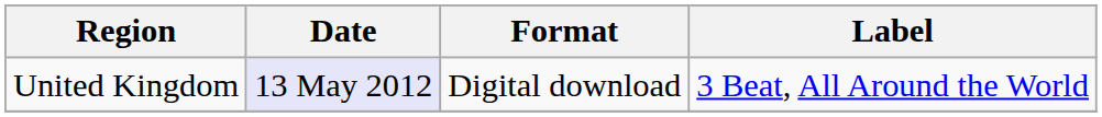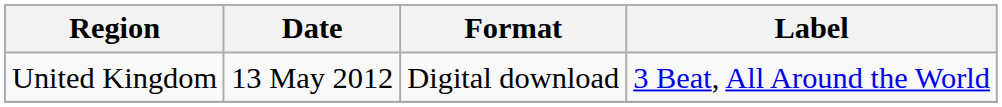 <table class=wikitable>
 <tr>
 <th>Region</th>
 <th>Date</th>
 <th>Format</th>
 <th>Label</th>
 </tr>
 <tr>
 <td>United Kingdom</td>
-<td style="background: lavender;">13 May 2012</td>
+<td>13 May 2012</td>
 <td>Digital download</td>
 <td><a href='#'>3 Beat</a>, <a href='#'>All Around the World</a></td>
 </tr>
 <tr>
 </tr>
 </table>
